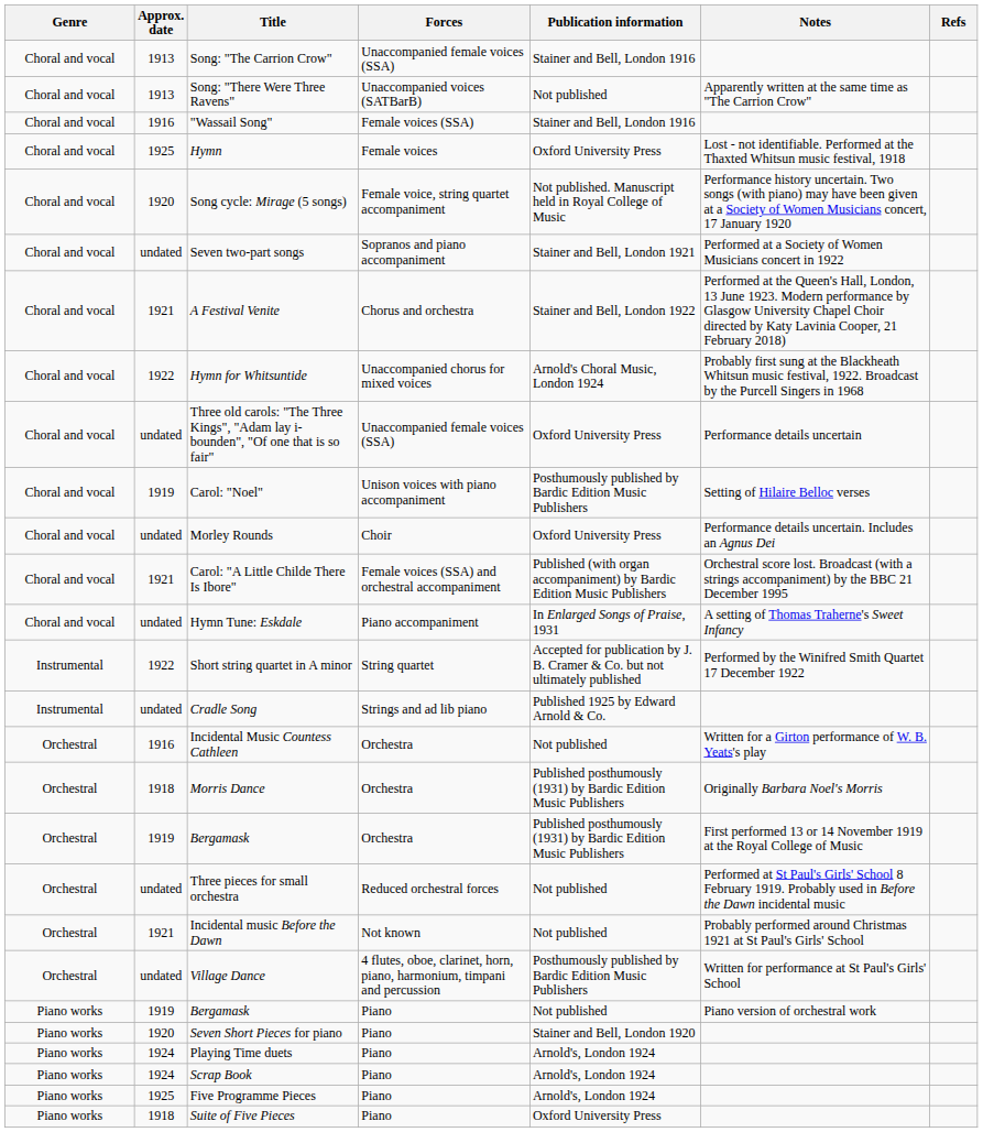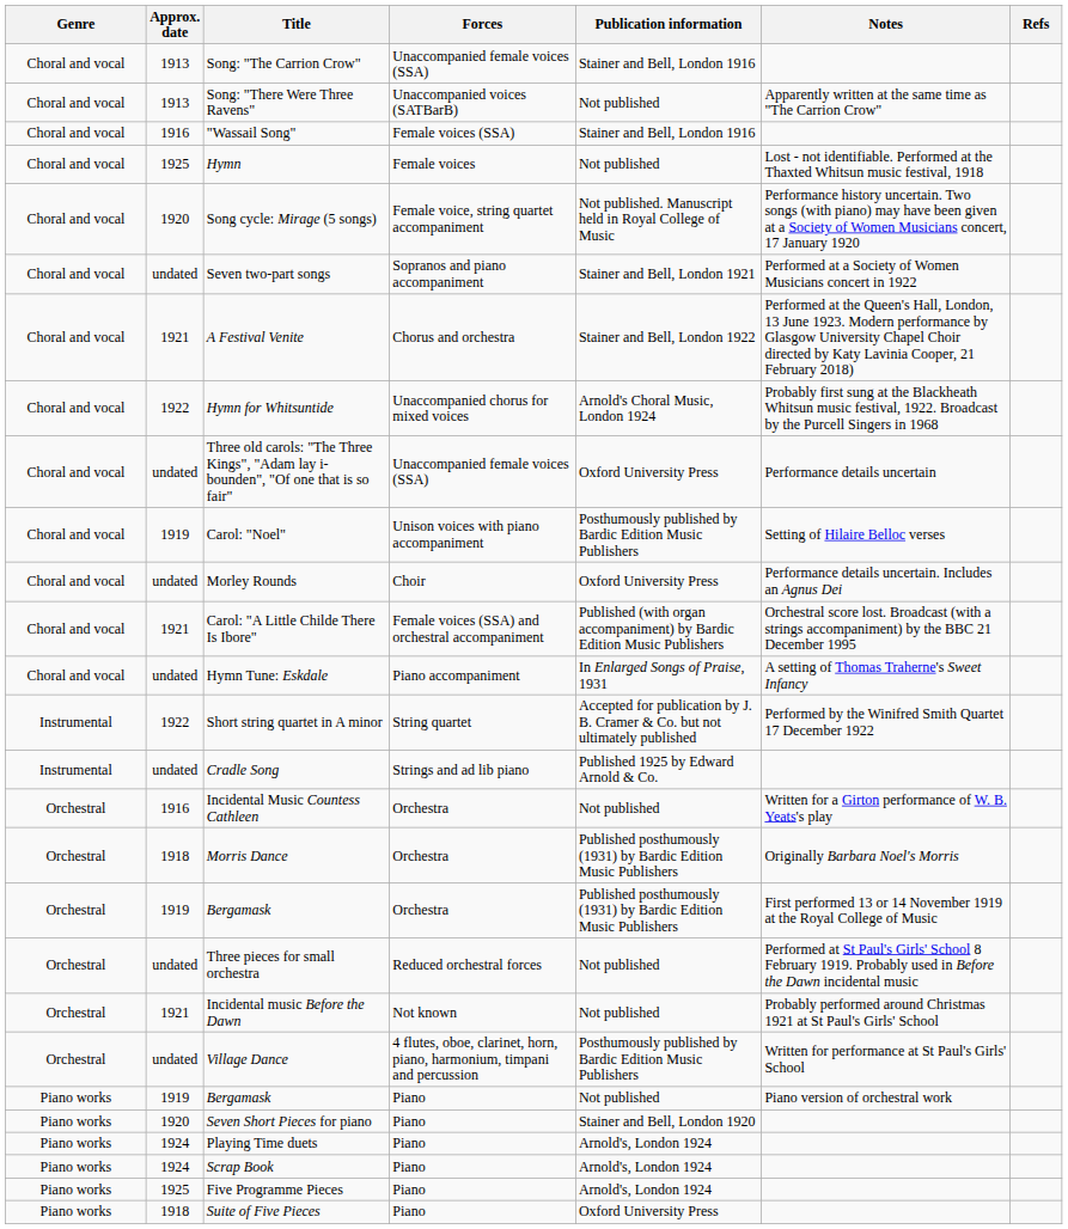 <table class="sortable wikitable" style="margins:auto; width=95%;">
 <tr>
 <th width="150">Genre</th>
 <th width="50">Approx. date</th>
 <th width="200">Title</th>
 <th width="200">Forces</th>
 <th width="200">Publication information</th>
 <th width="270" class="unsortable">Notes</th>
 <th width="50" class="unsortable">Refs</th>
 </tr>
 <tr>
 <td align= center>Choral and vocal</td>
 <td align= center>1913</td>
 <td>Song: "The Carrion Crow"</td>
 <td>Unaccompanied female voices (SSA)</td>
 <td>Stainer and Bell, London 1916</td>
 <td></td>
 <td></td>
 </tr>
 <tr>
 <td align= center>Choral and vocal</td>
 <td align= center>1913</td>
 <td>Song: "There Were Three Ravens"</td>
 <td>Unaccompanied  voices (SATBarB)</td>
 <td>Not published</td>
 <td>Apparently written at the same time as "The Carrion Crow"</td>
 <td></td>
 </tr>
 <tr>
 <td align= center>Choral and vocal</td>
 <td align= center>1916</td>
 <td>"Wassail Song"</td>
 <td>Female voices (SSA)</td>
 <td>Stainer and Bell, London 1916</td>
 <td></td>
 <td></td>
 </tr>
 <tr>
 <td align= center>Choral and vocal</td>
 <td align= center>1925</td>
 <td><em>Hymn</em></td>
 <td>Female voices</td>
-<td>Oxford University Press</td>
+<td>Not published</td>
 <td>Lost - not identifiable. Performed at the Thaxted Whitsun music festival, 1918</td>
 <td></td>
 </tr>
 <tr>
 <td align= center>Choral and vocal</td>
 <td align= center>1920</td>
 <td>Song cycle: <em>Mirage</em> (5 songs)</td>
 <td>Female voice, string quartet accompaniment</td>
 <td>Not published. Manuscript held in Royal College of Music</td>
 <td>Performance history uncertain. Two songs (with piano) may have been given at a <a href='#'>Society of Women Musicians</a> concert, 17 January 1920</td>
 <td></td>
 </tr>
 <tr>
 <td align= center>Choral and vocal</td>
 <td align= center>undated</td>
 <td>Seven two-part songs</td>
 <td>Sopranos and piano accompaniment</td>
 <td>Stainer and Bell, London 1921</td>
 <td>Performed at a Society of Women Musicians concert in 1922</td>
 <td></td>
 </tr>
 <tr>
 <td align= center>Choral and vocal</td>
 <td align= center>1921</td>
 <td><em>A Festival Venite</em></td>
 <td>Chorus and orchestra</td>
 <td>Stainer and Bell, London 1922</td>
 <td>Performed at the Queen's Hall, London, 13 June 1923. Modern performance by Glasgow University Chapel Choir directed by Katy Lavinia Cooper, 21 February 2018)</td>
 <td> </td>
 </tr>
 <tr>
 <td align= center>Choral and vocal</td>
 <td align= center>1922</td>
 <td><em>Hymn for Whitsuntide</em></td>
 <td>Unaccompanied chorus for mixed voices</td>
 <td>Arnold's Choral Music, London 1924</td>
 <td>Probably first sung at the Blackheath Whitsun music festival, 1922. Broadcast by the Purcell Singers in 1968</td>
 <td></td>
 </tr>
 <tr>
 <td align= center>Choral and vocal</td>
 <td align= center>undated</td>
 <td>Three old carols: "The Three Kings", "Adam lay i-bounden", "Of one that is so fair"</td>
 <td>Unaccompanied female voices (SSA)</td>
 <td>Oxford University Press</td>
 <td>Performance details uncertain</td>
 <td></td>
 </tr>
 <tr>
 <td align= center>Choral and vocal</td>
 <td align= center>1919</td>
 <td>Carol: "Noel"</td>
 <td>Unison voices with piano accompaniment</td>
 <td>Posthumously published by Bardic Edition Music Publishers</td>
 <td>Setting of  <a href='#'>Hilaire Belloc</a> verses</td>
 <td></td>
 </tr>
 <tr>
 <td align= center>Choral and vocal</td>
 <td align= center>undated</td>
 <td>Morley Rounds</td>
 <td>Choir</td>
 <td>Oxford University Press</td>
 <td>Performance details uncertain. Includes an <em>Agnus Dei</em></td>
 <td></td>
 </tr>
 <tr>
 <td align= center>Choral and vocal</td>
 <td align= center>1921</td>
 <td>Carol: "A Little Childe There Is Ibore"</td>
 <td>Female voices (SSA) and orchestral accompaniment</td>
 <td>Published (with organ accompaniment) by Bardic Edition Music Publishers</td>
 <td>Orchestral score lost. Broadcast (with a strings accompaniment) by the BBC 21 December 1995</td>
 <td> </td>
 </tr>
 <tr>
 <td align= center>Choral and vocal</td>
 <td align= center>undated</td>
 <td>Hymn Tune: <em>Eskdale</em></td>
 <td>Piano accompaniment</td>
 <td>In <em>Enlarged Songs of Praise</em>, 1931</td>
 <td>A setting of <a href='#'>Thomas Traherne</a>'s <em>Sweet Infancy</em></td>
 <td></td>
 </tr>
 <tr>
 <td align= center>Instrumental</td>
 <td align= center>1922</td>
 <td>Short string quartet in A minor</td>
 <td>String quartet</td>
 <td>Accepted for publication by J. B. Cramer & Co. but not ultimately published</td>
 <td>Performed by the Winifred Smith Quartet 17 December 1922</td>
 <td></td>
 </tr>
 <tr>
 <td align= center>Instrumental</td>
 <td align= center>undated</td>
 <td><em>Cradle Song</em></td>
 <td>Strings and ad lib piano</td>
 <td>Published 1925 by Edward Arnold & Co.</td>
 <td></td>
 <td></td>
 </tr>
 <tr>
 <td align= center>Orchestral</td>
 <td align= center>1916</td>
 <td>Incidental Music <em>Countess Cathleen</em></td>
 <td>Orchestra</td>
 <td>Not published</td>
 <td>Written for a <a href='#'>Girton</a> performance of <a href='#'>W. B. Yeats</a>'s play</td>
 <td></td>
 </tr>
 <tr>
 <td align= center>Orchestral</td>
 <td align= center>1918</td>
 <td><em>Morris Dance</em></td>
 <td>Orchestra</td>
 <td>Published posthumously (1931) by Bardic Edition Music Publishers</td>
 <td>Originally <em>Barbara Noel's Morris</em></td>
 <td></td>
 </tr>
 <tr>
 <td align= center>Orchestral</td>
 <td align= center>1919</td>
 <td><em>Bergamask</em></td>
 <td>Orchestra</td>
 <td>Published posthumously (1931) by Bardic Edition Music Publishers</td>
 <td>First performed 13 or 14 November 1919 at the Royal College of Music</td>
 <td></td>
 </tr>
 <tr>
 <td align= center>Orchestral</td>
 <td align= center>undated</td>
 <td>Three pieces for small orchestra</td>
 <td>Reduced orchestral forces</td>
 <td>Not published</td>
 <td>Performed at <a href='#'>St Paul's Girls' School</a> 8 February 1919. Probably used in <em>Before the Dawn</em> incidental music</td>
 <td></td>
 </tr>
 <tr>
 <td align= center>Orchestral</td>
 <td align= center>1921</td>
 <td>Incidental music <em>Before the Dawn</em></td>
 <td>Not known</td>
 <td>Not published</td>
 <td>Probably performed around Christmas 1921 at St Paul's Girls' School</td>
 <td></td>
 </tr>
 <tr>
 <td align= center>Orchestral</td>
 <td align= center>undated</td>
 <td><em>Village Dance</em></td>
 <td>4 flutes, oboe, clarinet, horn, piano, harmonium, timpani and percussion</td>
 <td>Posthumously published by Bardic Edition Music Publishers</td>
 <td>Written for performance at St Paul's Girls' School</td>
 <td></td>
 </tr>
 <tr>
 <td align= center>Piano works</td>
 <td align= center>1919</td>
 <td><em>Bergamask</em></td>
 <td>Piano</td>
 <td>Not published</td>
 <td>Piano version of orchestral work</td>
 <td></td>
 </tr>
 <tr>
 <td align= center>Piano works</td>
 <td align= center>1920</td>
 <td><em>Seven Short Pieces</em> for piano</td>
 <td>Piano</td>
 <td>Stainer and Bell, London 1920</td>
 <td></td>
 <td></td>
 </tr>
 <tr>
 <td align= center>Piano works</td>
 <td align= center>1924</td>
 <td>Playing Time duets</td>
 <td>Piano</td>
 <td>Arnold's, London 1924</td>
 <td></td>
 <td></td>
 </tr>
 <tr>
 <td align= center>Piano works</td>
 <td align= center>1924</td>
 <td><em>Scrap Book</em></td>
 <td>Piano</td>
 <td>Arnold's, London 1924</td>
 <td></td>
 <td></td>
 </tr>
 <tr>
 <td align= center>Piano works</td>
 <td align= center>1925</td>
 <td>Five Programme Pieces</td>
 <td>Piano</td>
 <td>Arnold's, London 1924</td>
 <td></td>
 <td></td>
 </tr>
 <tr>
 <td align= center>Piano works</td>
 <td align= center>1918</td>
 <td><em>Suite of Five Pieces</em></td>
 <td>Piano</td>
 <td>Oxford University Press</td>
 <td></td>
 <td></td>
 </tr>
 </table>
